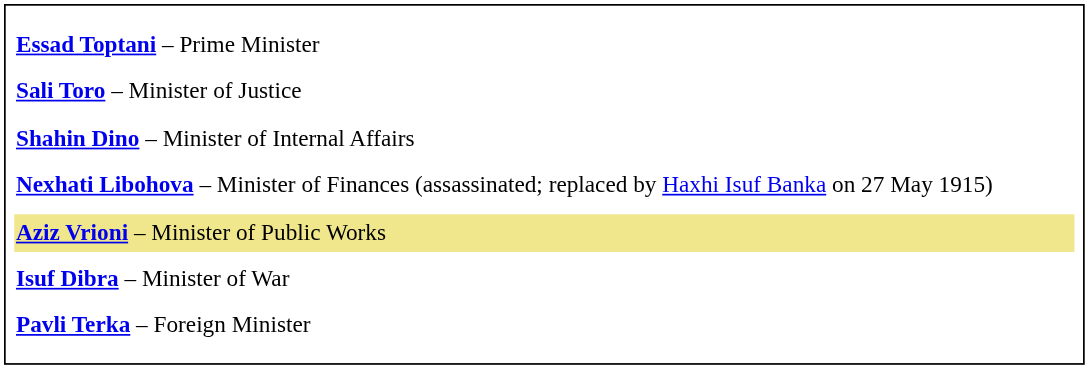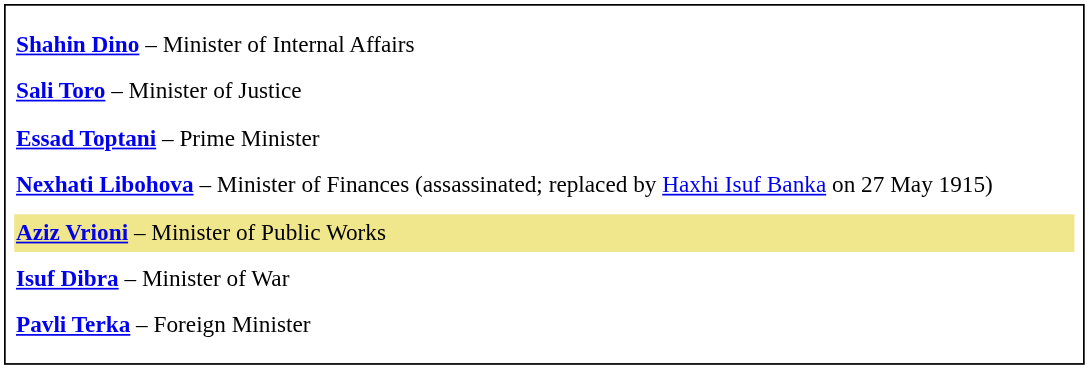 <table cellpadding="1" cellspacing="5" style="border:1px solid #000000; font-size:85%; line-height: 1.5em;" width=50%>
 <tr>
 <td align="center"></td>
 </tr>
 <tr>
-<td><strong><a href='#'>Essad Toptani</a></strong> – Prime Minister</td>
+<td><strong><a href='#'>Shahin Dino</a></strong> – Minister of Internal Affairs</td>
 </tr>
 <tr>
 <td><strong><a href='#'>Sali Toro</a></strong> – Minister of Justice</td>
 </tr>
 <tr>
-<td><strong><a href='#'>Shahin Dino</a></strong> – Minister of Internal Affairs</td>
+<td><strong><a href='#'>Essad Toptani</a></strong> – Prime Minister</td>
 </tr>
 <tr>
 <td><strong><a href='#'>Nexhati Libohova</a></strong> – Minister of Finances (assassinated; replaced by <a href='#'>Haxhi Isuf Banka</a> on 27 May 1915)</td>
 </tr>
 <tr>
 <td style="background: khaki;"><strong><a href='#'>Aziz Vrioni</a></strong> – Minister of Public Works</td>
 </tr>
 <tr>
 <td><strong><a href='#'>Isuf Dibra</a></strong> – Minister of War</td>
 </tr>
 <tr>
 <td><strong><a href='#'>Pavli Terka</a></strong> – Foreign Minister</td>
 </tr>
 <tr>
 </tr>
 </table>
